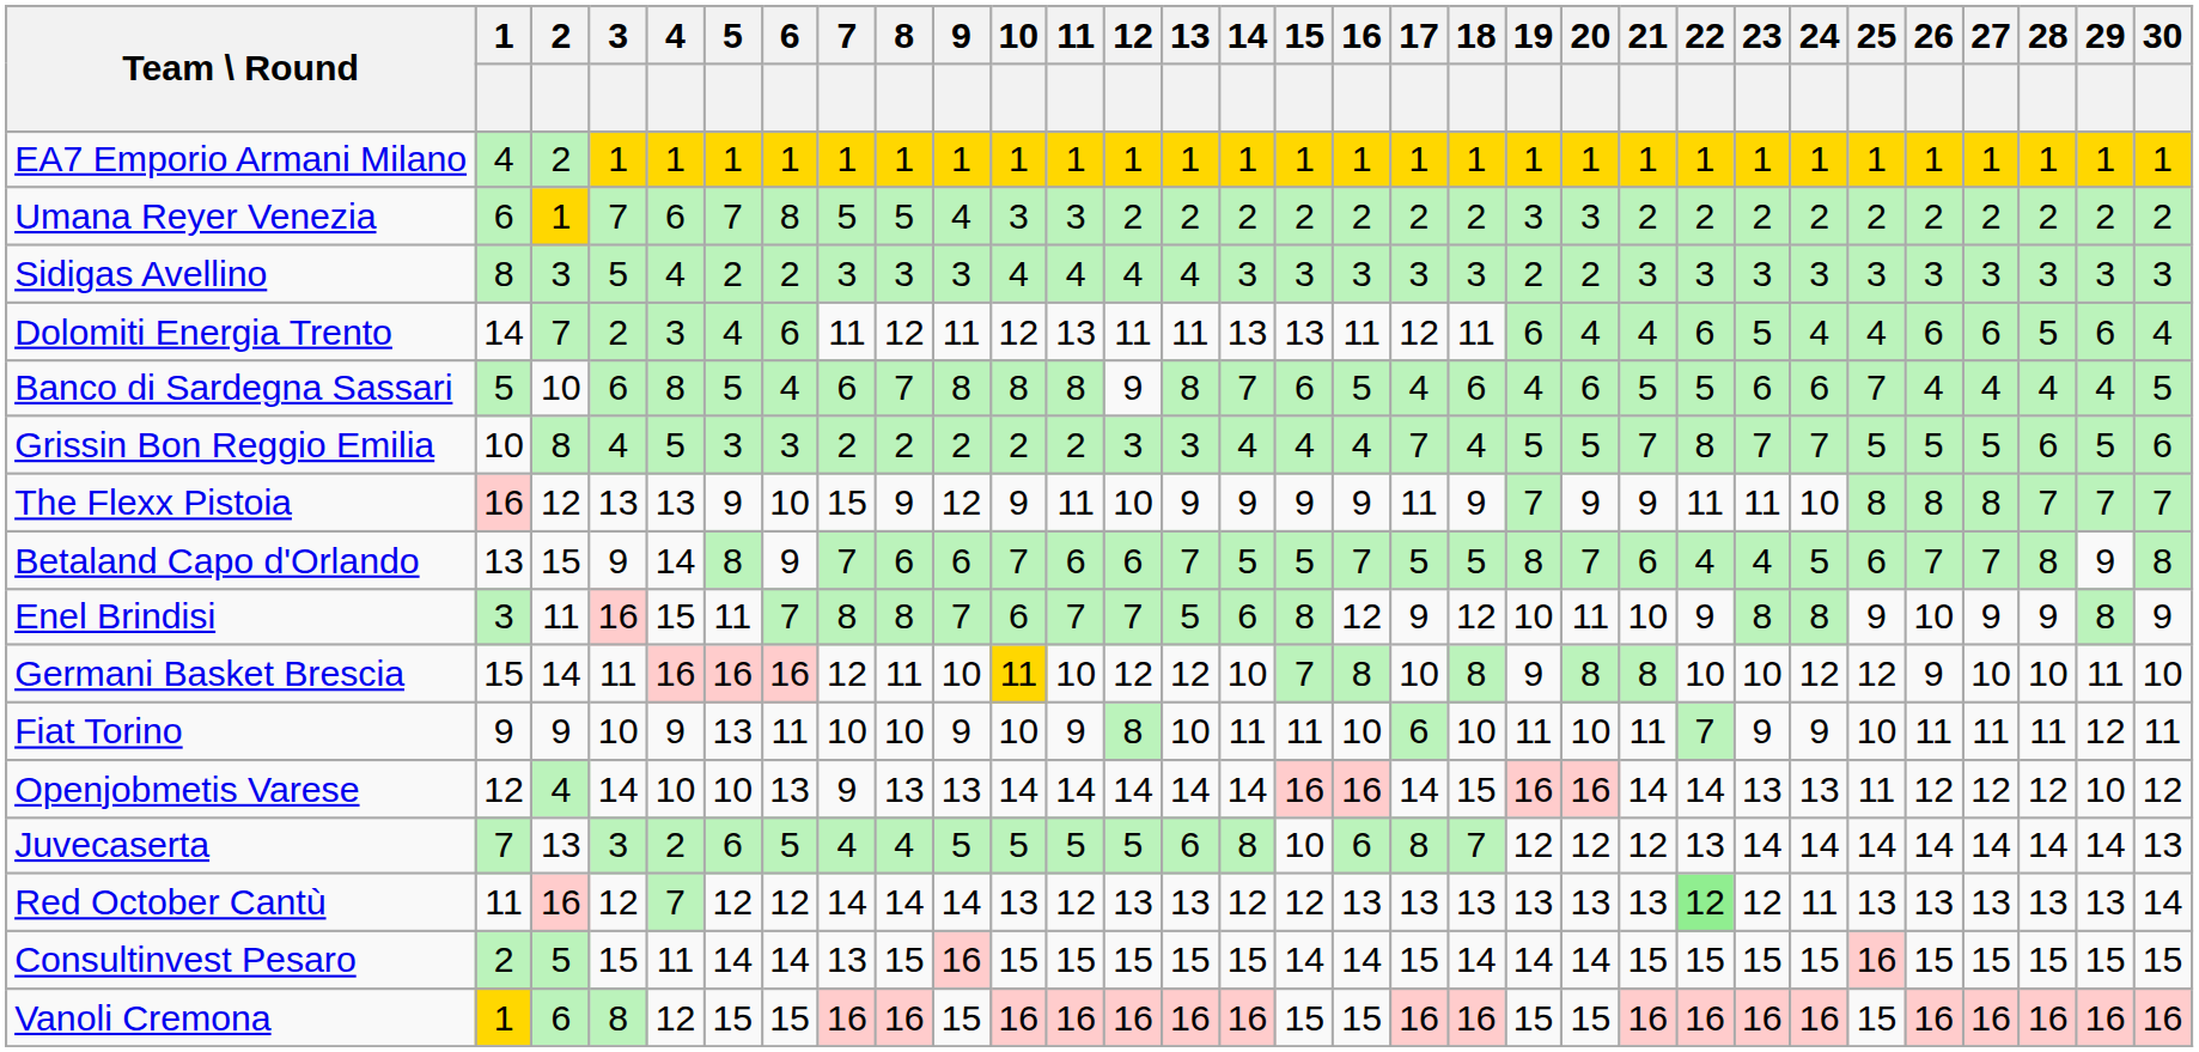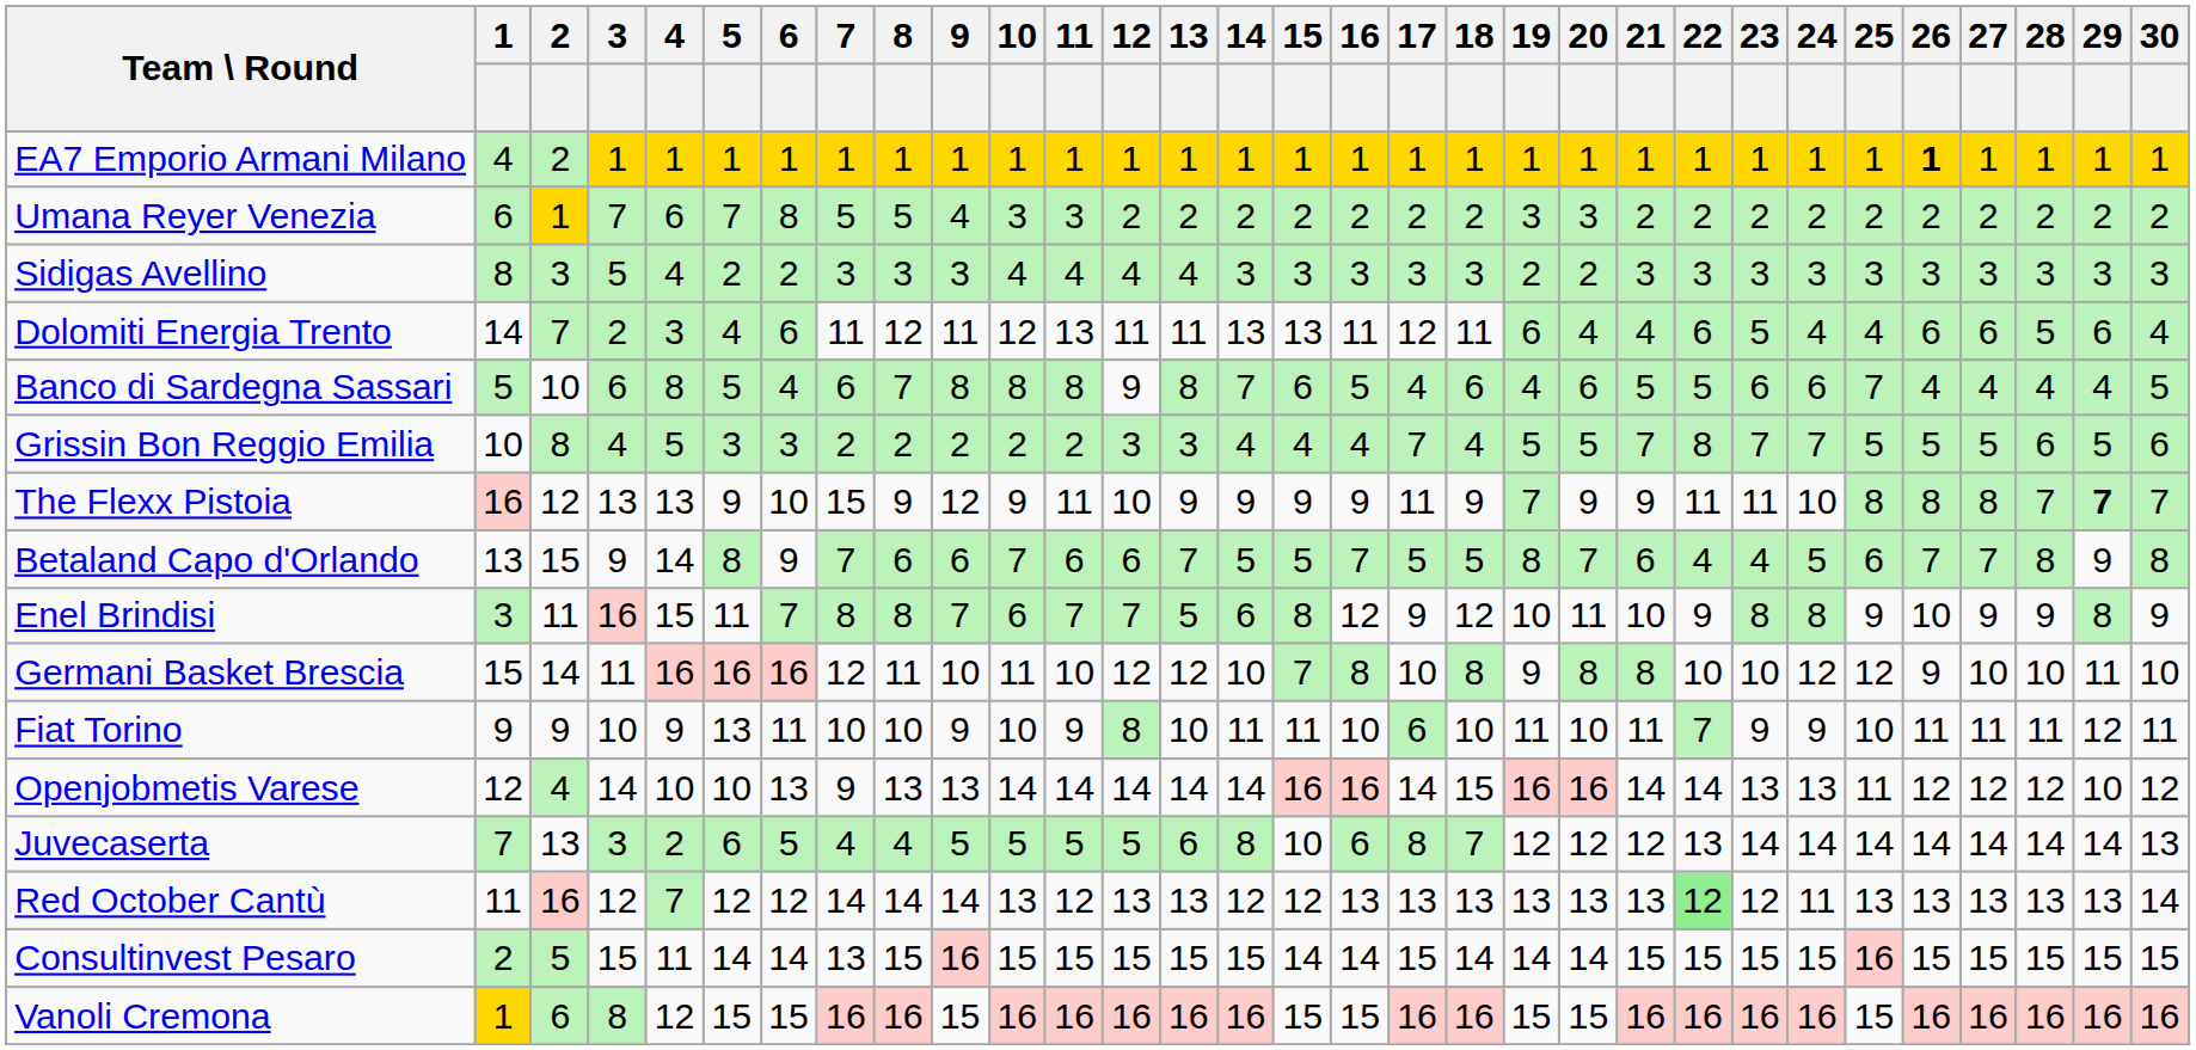 <table class="wikitable sortable" style="font-size:90%; text-align:center; white-space: nowrap;">
 <tr>
 <th rowspan="2" style="width:140px;">Team \ Round</th>
 <th align=center>1</th>
 <th align=center>2</th>
 <th align=center>3</th>
 <th align=center>4</th>
 <th align=center>5</th>
 <th align=center>6</th>
 <th align=center>7</th>
 <th align=center>8</th>
 <th align=center>9</th>
 <th align=center>10</th>
 <th align=center>11</th>
 <th align=center>12</th>
 <th align=center>13</th>
 <th align=center>14</th>
 <th align=center>15</th>
 <th align=center>16</th>
 <th align=center>17</th>
 <th align=center>18</th>
 <th align=center>19</th>
 <th align=center>20</th>
 <th align=center>21</th>
 <th align=center>22</th>
 <th align=center>23</th>
 <th align=center>24</th>
 <th align=center>25</th>
 <th align=center>26</th>
 <th align=center>27</th>
 <th align=center>28</th>
 <th align=center>29</th>
 <th align=center>30</th>
 </tr>
 <tr>
 <th style="text-align:center; height:20px;"></th>
 <th align=center></th>
 <th align=center></th>
 <th align=center></th>
 <th align=center></th>
 <th align=center></th>
 <th align=center></th>
 <th align=center></th>
 <th align=center></th>
 <th align=center></th>
 <th align=center></th>
 <th align=center></th>
 <th align=center></th>
 <th align=center></th>
 <th align=center></th>
 <th align=center></th>
 <th align=center></th>
 <th align=center></th>
 <th align=center></th>
 <th align=center></th>
 <th align=center></th>
 <th align=center></th>
 <th align=center></th>
 <th align=center></th>
 <th align=center></th>
 <th align=center></th>
 <th align=center></th>
 <th align=center></th>
 <th align=center></th>
 <th align=center></th>
 </tr>
 <tr>
 <td align=left><a href='#'>EA7 Emporio Armani Milano</a></td>
 <td bgcolor=#BBF3BB>4</td>
 <td bgcolor=#BBF3BB>2</td>
 <td bgcolor=gold>1</td>
 <td bgcolor=gold>1</td>
 <td bgcolor=gold>1</td>
 <td bgcolor=gold>1</td>
 <td bgcolor=gold>1</td>
 <td bgcolor=gold>1</td>
 <td bgcolor=gold>1</td>
 <td bgcolor=gold>1</td>
 <td bgcolor=gold>1</td>
 <td bgcolor=gold>1</td>
 <td bgcolor=gold>1</td>
 <td bgcolor=gold>1</td>
 <td bgcolor=gold>1</td>
 <td bgcolor=gold>1</td>
 <td bgcolor=gold>1</td>
 <td bgcolor=gold>1</td>
 <td bgcolor=gold>1</td>
 <td bgcolor=gold>1</td>
 <td bgcolor=gold>1</td>
 <td bgcolor=gold>1</td>
 <td bgcolor=gold>1</td>
 <td bgcolor=gold>1</td>
 <td bgcolor=gold>1</td>
-<td bgcolor=gold>1</td>
+<td bgcolor=gold><strong>1</strong></td>
 <td bgcolor=gold>1</td>
 <td bgcolor=gold>1</td>
 <td bgcolor=gold>1</td>
 <td bgcolor=gold>1</td>
 </tr>
 <tr>
 <td align=left><a href='#'>Umana Reyer Venezia</a></td>
 <td bgcolor=#BBF3BB>6</td>
 <td bgcolor=gold>1</td>
 <td bgcolor=#BBF3BB>7</td>
 <td bgcolor=#BBF3BB>6</td>
 <td bgcolor=#BBF3BB>7</td>
 <td bgcolor=#BBF3BB>8</td>
 <td bgcolor=#BBF3BB>5</td>
 <td bgcolor=#BBF3BB>5</td>
 <td bgcolor=#BBF3BB>4</td>
 <td bgcolor=#BBF3BB>3</td>
 <td bgcolor=#BBF3BB>3</td>
 <td bgcolor=#BBF3BB>2</td>
 <td bgcolor=#BBF3BB>2</td>
 <td bgcolor=#BBF3BB>2</td>
 <td bgcolor=#BBF3BB>2</td>
 <td bgcolor=#BBF3BB>2</td>
 <td bgcolor=#BBF3BB>2</td>
 <td bgcolor=#BBF3BB>2</td>
 <td bgcolor=#BBF3BB>3</td>
 <td bgcolor=#BBF3BB>3</td>
 <td bgcolor=#BBF3BB>2</td>
 <td bgcolor=#BBF3BB>2</td>
 <td bgcolor=#BBF3BB>2</td>
 <td bgcolor=#BBF3BB>2</td>
 <td bgcolor=#BBF3BB>2</td>
 <td bgcolor=#BBF3BB>2</td>
 <td bgcolor=#BBF3BB>2</td>
 <td bgcolor=#BBF3BB>2</td>
 <td bgcolor=#BBF3BB>2</td>
 <td bgcolor=#BBF3BB>2</td>
 </tr>
 <tr>
 <td align=left><a href='#'>Sidigas Avellino</a></td>
 <td bgcolor=#BBF3BB>8</td>
 <td bgcolor=#BBF3BB>3</td>
 <td bgcolor=#BBF3BB>5</td>
 <td bgcolor=#BBF3BB>4</td>
 <td bgcolor=#BBF3BB>2</td>
 <td bgcolor=#BBF3BB>2</td>
 <td bgcolor=#BBF3BB>3</td>
 <td bgcolor=#BBF3BB>3</td>
 <td bgcolor=#BBF3BB>3</td>
 <td bgcolor=#BBF3BB>4</td>
 <td bgcolor=#BBF3BB>4</td>
 <td bgcolor=#BBF3BB>4</td>
 <td bgcolor=#BBF3BB>4</td>
 <td bgcolor=#BBF3BB>3</td>
 <td bgcolor=#BBF3BB>3</td>
 <td bgcolor=#BBF3BB>3</td>
 <td bgcolor=#BBF3BB>3</td>
 <td bgcolor=#BBF3BB>3</td>
 <td bgcolor=#BBF3BB>2</td>
 <td bgcolor=#BBF3BB>2</td>
 <td bgcolor=#BBF3BB>3</td>
 <td bgcolor=#BBF3BB>3</td>
 <td bgcolor=#BBF3BB>3</td>
 <td bgcolor=#BBF3BB>3</td>
 <td bgcolor=#BBF3BB>3</td>
 <td bgcolor=#BBF3BB>3</td>
 <td bgcolor=#BBF3BB>3</td>
 <td bgcolor=#BBF3BB>3</td>
 <td bgcolor=#BBF3BB>3</td>
 <td bgcolor=#BBF3BB>3</td>
 </tr>
 <tr>
 <td align=left><a href='#'>Dolomiti Energia Trento</a></td>
 <td>14</td>
 <td bgcolor=#BBF3BB>7</td>
 <td bgcolor=#BBF3BB>2</td>
 <td bgcolor=#BBF3BB>3</td>
 <td bgcolor=#BBF3BB>4</td>
 <td bgcolor=#BBF3BB>6</td>
 <td>11</td>
 <td>12</td>
 <td>11</td>
 <td>12</td>
 <td>13</td>
 <td>11</td>
 <td>11</td>
 <td>13</td>
 <td>13</td>
 <td>11</td>
 <td>12</td>
 <td>11</td>
 <td bgcolor=#BBF3BB>6</td>
 <td bgcolor=#BBF3BB>4</td>
 <td bgcolor=#BBF3BB>4</td>
 <td bgcolor=#BBF3BB>6</td>
 <td bgcolor=#BBF3BB>5</td>
 <td bgcolor=#BBF3BB>4</td>
 <td bgcolor=#BBF3BB>4</td>
 <td bgcolor=#BBF3BB>6</td>
 <td bgcolor=#BBF3BB>6</td>
 <td bgcolor=#BBF3BB>5</td>
 <td bgcolor=#BBF3BB>6</td>
 <td bgcolor=#BBF3BB>4</td>
 </tr>
 <tr>
 <td align=left><a href='#'>Banco di Sardegna Sassari</a></td>
 <td bgcolor=#BBF3BB>5</td>
 <td>10</td>
 <td bgcolor=#BBF3BB>6</td>
 <td bgcolor=#BBF3BB>8</td>
 <td bgcolor=#BBF3BB>5</td>
 <td bgcolor=#BBF3BB>4</td>
 <td bgcolor=#BBF3BB>6</td>
 <td bgcolor=#BBF3BB>7</td>
 <td bgcolor=#BBF3BB>8</td>
 <td bgcolor=#BBF3BB>8</td>
 <td bgcolor=#BBF3BB>8</td>
 <td>9</td>
 <td bgcolor=#BBF3BB>8</td>
 <td bgcolor=#BBF3BB>7</td>
 <td bgcolor=#BBF3BB>6</td>
 <td bgcolor=#BBF3BB>5</td>
 <td bgcolor=#BBF3BB>4</td>
 <td bgcolor=#BBF3BB>6</td>
 <td bgcolor=#BBF3BB>4</td>
 <td bgcolor=#BBF3BB>6</td>
 <td bgcolor=#BBF3BB>5</td>
 <td bgcolor=#BBF3BB>5</td>
 <td bgcolor=#BBF3BB>6</td>
 <td bgcolor=#BBF3BB>6</td>
 <td bgcolor=#BBF3BB>7</td>
 <td bgcolor=#BBF3BB>4</td>
 <td bgcolor=#BBF3BB>4</td>
 <td bgcolor=#BBF3BB>4</td>
 <td bgcolor=#BBF3BB>4</td>
 <td bgcolor=#BBF3BB>5</td>
 </tr>
 <tr>
 <td align=left><a href='#'>Grissin Bon Reggio Emilia</a></td>
 <td>10</td>
 <td bgcolor=#BBF3BB>8</td>
 <td bgcolor=#BBF3BB>4</td>
 <td bgcolor=#BBF3BB>5</td>
 <td bgcolor=#BBF3BB>3</td>
 <td bgcolor=#BBF3BB>3</td>
 <td bgcolor=#BBF3BB>2</td>
 <td bgcolor=#BBF3BB>2</td>
 <td bgcolor=#BBF3BB>2</td>
 <td bgcolor=#BBF3BB>2</td>
 <td bgcolor=#BBF3BB>2</td>
 <td bgcolor=#BBF3BB>3</td>
 <td bgcolor=#BBF3BB>3</td>
 <td bgcolor=#BBF3BB>4</td>
 <td bgcolor=#BBF3BB>4</td>
 <td bgcolor=#BBF3BB>4</td>
 <td bgcolor=#BBF3BB>7</td>
 <td bgcolor=#BBF3BB>4</td>
 <td bgcolor=#BBF3BB>5</td>
 <td bgcolor=#BBF3BB>5</td>
 <td bgcolor=#BBF3BB>7</td>
 <td bgcolor=#BBF3BB>8</td>
 <td bgcolor=#BBF3BB>7</td>
 <td bgcolor=#BBF3BB>7</td>
 <td bgcolor=#BBF3BB>5</td>
 <td bgcolor=#BBF3BB>5</td>
 <td bgcolor=#BBF3BB>5</td>
 <td bgcolor=#BBF3BB>6</td>
 <td bgcolor=#BBF3BB>5</td>
 <td bgcolor=#BBF3BB>6</td>
 </tr>
 <tr>
 <td align=left><a href='#'>The Flexx Pistoia</a></td>
 <td bgcolor=#fcc>16</td>
 <td>12</td>
 <td>13</td>
 <td>13</td>
 <td>9</td>
 <td>10</td>
 <td>15</td>
 <td>9</td>
 <td>12</td>
 <td>9</td>
 <td>11</td>
 <td>10</td>
 <td>9</td>
 <td>9</td>
 <td>9</td>
 <td>9</td>
 <td>11</td>
 <td>9</td>
 <td bgcolor=#BBF3BB>7</td>
 <td>9</td>
 <td>9</td>
 <td>11</td>
 <td>11</td>
 <td>10</td>
 <td bgcolor=#BBF3BB>8</td>
 <td bgcolor=#BBF3BB>8</td>
 <td bgcolor=#BBF3BB>8</td>
 <td bgcolor=#BBF3BB>7</td>
-<td bgcolor=#BBF3BB>7</td>
+<td bgcolor=#BBF3BB><strong>7</strong></td>
 <td bgcolor=#BBF3BB>7</td>
 </tr>
 <tr>
 <td align=left><a href='#'>Betaland Capo d'Orlando</a></td>
 <td>13</td>
 <td>15</td>
 <td>9</td>
 <td>14</td>
 <td bgcolor=#BBF3BB>8</td>
 <td>9</td>
 <td bgcolor=#BBF3BB>7</td>
 <td bgcolor=#BBF3BB>6</td>
 <td bgcolor=#BBF3BB>6</td>
 <td bgcolor=#BBF3BB>7</td>
 <td bgcolor=#BBF3BB>6</td>
 <td bgcolor=#BBF3BB>6</td>
 <td bgcolor=#BBF3BB>7</td>
 <td bgcolor=#BBF3BB>5</td>
 <td bgcolor=#BBF3BB>5</td>
 <td bgcolor=#BBF3BB>7</td>
 <td bgcolor=#BBF3BB>5</td>
 <td bgcolor=#BBF3BB>5</td>
 <td bgcolor=#BBF3BB>8</td>
 <td bgcolor=#BBF3BB>7</td>
 <td bgcolor=#BBF3BB>6</td>
 <td bgcolor=#BBF3BB>4</td>
 <td bgcolor=#BBF3BB>4</td>
 <td bgcolor=#BBF3BB>5</td>
 <td bgcolor=#BBF3BB>6</td>
 <td bgcolor=#BBF3BB>7</td>
 <td bgcolor=#BBF3BB>7</td>
 <td bgcolor=#BBF3BB>8</td>
 <td>9</td>
 <td bgcolor=#BBF3BB>8</td>
 </tr>
 <tr>
 <td align=left><a href='#'>Enel Brindisi</a></td>
 <td bgcolor=#BBF3BB>3</td>
 <td>11</td>
 <td bgcolor=#fcc>16</td>
 <td>15</td>
 <td>11</td>
 <td bgcolor=#BBF3BB>7</td>
 <td bgcolor=#BBF3BB>8</td>
 <td bgcolor=#BBF3BB>8</td>
 <td bgcolor=#BBF3BB>7</td>
 <td bgcolor=#BBF3BB>6</td>
 <td bgcolor=#BBF3BB>7</td>
 <td bgcolor=#BBF3BB>7</td>
 <td bgcolor=#BBF3BB>5</td>
 <td bgcolor=#BBF3BB>6</td>
 <td bgcolor=#BBF3BB>8</td>
 <td>12</td>
 <td>9</td>
 <td>12</td>
 <td>10</td>
 <td>11</td>
 <td>10</td>
 <td>9</td>
 <td bgcolor=#BBF3BB>8</td>
 <td bgcolor=#BBF3BB>8</td>
 <td>9</td>
 <td>10</td>
 <td>9</td>
 <td>9</td>
 <td bgcolor=#BBF3BB>8</td>
 <td>9</td>
 </tr>
 <tr>
 <td align=left><a href='#'>Germani Basket Brescia</a></td>
 <td>15</td>
 <td>14</td>
 <td>11</td>
 <td bgcolor=#fcc>16</td>
 <td bgcolor=#fcc>16</td>
 <td bgcolor=#fcc>16</td>
 <td>12</td>
 <td>11</td>
 <td>10</td>
-<td style="background: gold;">11</td>
+<td>11</td>
 <td>10</td>
 <td>12</td>
 <td>12</td>
 <td>10</td>
 <td bgcolor=#BBF3BB>7</td>
 <td bgcolor=#BBF3BB>8</td>
 <td>10</td>
 <td bgcolor=#BBF3BB>8</td>
 <td>9</td>
 <td bgcolor=#BBF3BB>8</td>
 <td bgcolor=#BBF3BB>8</td>
 <td>10</td>
 <td>10</td>
 <td>12</td>
 <td>12</td>
 <td>9</td>
 <td>10</td>
 <td>10</td>
 <td>11</td>
 <td>10</td>
 </tr>
 <tr>
 <td align=left><a href='#'>Fiat Torino</a></td>
 <td>9</td>
 <td>9</td>
 <td>10</td>
 <td>9</td>
 <td>13</td>
 <td>11</td>
 <td>10</td>
 <td>10</td>
 <td>9</td>
 <td>10</td>
 <td>9</td>
 <td bgcolor=#BBF3BB>8</td>
 <td>10</td>
 <td>11</td>
 <td>11</td>
 <td>10</td>
 <td bgcolor=#BBF3BB>6</td>
 <td>10</td>
 <td>11</td>
 <td>10</td>
 <td>11</td>
 <td bgcolor=#BBF3BB>7</td>
 <td>9</td>
 <td>9</td>
 <td>10</td>
 <td>11</td>
 <td>11</td>
 <td>11</td>
 <td>12</td>
 <td>11</td>
 </tr>
 <tr>
 <td align=left><a href='#'>Openjobmetis Varese</a></td>
 <td>12</td>
 <td bgcolor=#BBF3BB>4</td>
 <td>14</td>
 <td>10</td>
 <td>10</td>
 <td>13</td>
 <td>9</td>
 <td>13</td>
 <td>13</td>
 <td>14</td>
 <td>14</td>
 <td>14</td>
 <td>14</td>
 <td>14</td>
 <td bgcolor=#fcc>16</td>
 <td bgcolor=#fcc>16</td>
 <td>14</td>
 <td>15</td>
 <td bgcolor=#fcc>16</td>
 <td bgcolor=#fcc>16</td>
 <td>14</td>
 <td>14</td>
 <td>13</td>
 <td>13</td>
 <td>11</td>
 <td>12</td>
 <td>12</td>
 <td>12</td>
 <td>10</td>
 <td>12</td>
 </tr>
 <tr>
 <td align=left><a href='#'>Juvecaserta</a></td>
 <td bgcolor=#BBF3BB>7</td>
 <td>13</td>
 <td bgcolor=#BBF3BB>3</td>
 <td bgcolor=#BBF3BB>2</td>
 <td bgcolor=#BBF3BB>6</td>
 <td bgcolor=#BBF3BB>5</td>
 <td bgcolor=#BBF3BB>4</td>
 <td bgcolor=#BBF3BB>4</td>
 <td bgcolor=#BBF3BB>5</td>
 <td bgcolor=#BBF3BB>5</td>
 <td bgcolor=#BBF3BB>5</td>
 <td bgcolor=#BBF3BB>5</td>
 <td bgcolor=#BBF3BB>6</td>
 <td bgcolor=#BBF3BB>8</td>
 <td>10</td>
 <td bgcolor=#BBF3BB>6</td>
 <td bgcolor=#BBF3BB>8</td>
 <td bgcolor=#BBF3BB>7</td>
 <td>12</td>
 <td>12</td>
 <td>12</td>
 <td>13</td>
 <td>14</td>
 <td>14</td>
 <td>14</td>
 <td>14</td>
 <td>14</td>
 <td>14</td>
 <td>14</td>
 <td>13</td>
 </tr>
 <tr>
 <td align=left><a href='#'>Red October Cantù</a></td>
 <td>11</td>
 <td bgcolor=#fcc>16</td>
 <td>12</td>
 <td bgcolor=#BBF3BB>7</td>
 <td>12</td>
 <td>12</td>
 <td>14</td>
 <td>14</td>
 <td>14</td>
 <td>13</td>
 <td>12</td>
 <td>13</td>
 <td>13</td>
 <td>12</td>
 <td>12</td>
 <td>13</td>
 <td>13</td>
 <td>13</td>
 <td>13</td>
 <td>13</td>
 <td>13</td>
 <td style="background: lightgreen;">12</td>
 <td>12</td>
 <td>11</td>
 <td>13</td>
 <td>13</td>
 <td>13</td>
 <td>13</td>
 <td>13</td>
 <td>14</td>
 </tr>
 <tr>
 <td align=left><a href='#'>Consultinvest Pesaro</a></td>
 <td bgcolor=#BBF3BB>2</td>
 <td bgcolor=#BBF3BB>5</td>
 <td>15</td>
 <td>11</td>
 <td>14</td>
 <td>14</td>
 <td>13</td>
 <td>15</td>
 <td bgcolor=#fcc>16</td>
 <td>15</td>
 <td>15</td>
 <td>15</td>
 <td>15</td>
 <td>15</td>
 <td>14</td>
 <td>14</td>
 <td>15</td>
 <td>14</td>
 <td>14</td>
 <td>14</td>
 <td>15</td>
 <td>15</td>
 <td>15</td>
 <td>15</td>
 <td bgcolor=#fcc>16</td>
 <td>15</td>
 <td>15</td>
 <td>15</td>
 <td>15</td>
 <td>15</td>
 </tr>
 <tr>
 <td align=left><a href='#'>Vanoli Cremona</a></td>
 <td bgcolor=gold>1</td>
 <td bgcolor=#BBF3BB>6</td>
 <td bgcolor=#BBF3BB>8</td>
 <td>12</td>
 <td>15</td>
 <td>15</td>
 <td bgcolor=#fcc>16</td>
 <td bgcolor=#fcc>16</td>
 <td>15</td>
 <td bgcolor=#fcc>16</td>
 <td bgcolor=#fcc>16</td>
 <td bgcolor=#fcc>16</td>
 <td bgcolor=#fcc>16</td>
 <td bgcolor=#fcc>16</td>
 <td>15</td>
 <td>15</td>
 <td bgcolor=#fcc>16</td>
 <td bgcolor=#fcc>16</td>
 <td>15</td>
 <td>15</td>
 <td bgcolor=#fcc>16</td>
 <td bgcolor=#fcc>16</td>
 <td bgcolor=#fcc>16</td>
 <td bgcolor=#fcc>16</td>
 <td>15</td>
 <td bgcolor=#fcc>16</td>
 <td bgcolor=#fcc>16</td>
 <td bgcolor=#fcc>16</td>
 <td bgcolor=#fcc>16</td>
 <td bgcolor=#fcc>16</td>
 </tr>
 <tr>
 </tr>
 </table>
